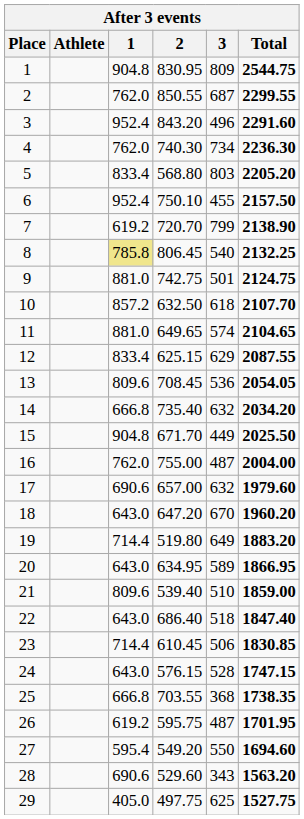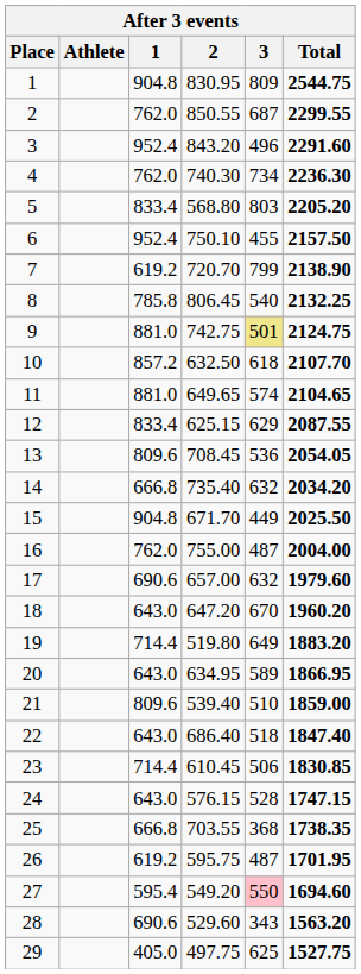 <table class=wikitable style="text-align:center">
 <tr>
 <th colspan=6><strong>After 3 events</strong></th>
 </tr>
 <tr>
 <th>Place</th>
 <th>Athlete</th>
 <th>1</th>
 <th>2</th>
 <th>3</th>
 <th>Total</th>
 </tr>
 <tr>
 <td>1</td>
 <td align=left></td>
 <td>904.8</td>
 <td>830.95</td>
 <td>809</td>
 <td><strong>2544.75</strong></td>
 </tr>
 <tr>
 <td>2</td>
 <td align=left></td>
 <td>762.0</td>
 <td>850.55</td>
 <td>687</td>
 <td><strong>2299.55</strong></td>
 </tr>
 <tr>
 <td>3</td>
 <td align=left></td>
 <td>952.4</td>
 <td>843.20</td>
 <td>496</td>
 <td><strong>2291.60</strong></td>
 </tr>
 <tr>
 <td>4</td>
 <td align=left></td>
 <td>762.0</td>
 <td>740.30</td>
 <td>734</td>
 <td><strong>2236.30</strong></td>
 </tr>
 <tr>
 <td>5</td>
 <td align=left></td>
 <td>833.4</td>
 <td>568.80</td>
 <td>803</td>
 <td><strong>2205.20</strong></td>
 </tr>
 <tr>
 <td>6</td>
 <td align=left></td>
 <td>952.4</td>
 <td>750.10</td>
 <td>455</td>
 <td><strong>2157.50</strong></td>
 </tr>
 <tr>
 <td>7</td>
 <td align=left></td>
 <td>619.2</td>
 <td>720.70</td>
 <td>799</td>
 <td><strong>2138.90</strong></td>
 </tr>
 <tr>
 <td>8</td>
 <td align=left></td>
-<td style="background: khaki;">785.8</td>
+<td>785.8</td>
 <td>806.45</td>
 <td>540</td>
 <td><strong>2132.25</strong></td>
 </tr>
 <tr>
 <td>9</td>
 <td align=left></td>
 <td>881.0</td>
 <td>742.75</td>
-<td>501</td>
+<td style="background: khaki;">501</td>
 <td><strong>2124.75</strong></td>
 </tr>
 <tr>
 <td>10</td>
 <td align=left></td>
 <td>857.2</td>
 <td>632.50</td>
 <td>618</td>
 <td><strong>2107.70</strong></td>
 </tr>
 <tr>
 <td>11</td>
 <td align=left></td>
 <td>881.0</td>
 <td>649.65</td>
 <td>574</td>
 <td><strong>2104.65</strong></td>
 </tr>
 <tr>
 <td>12</td>
 <td align=left></td>
 <td>833.4</td>
 <td>625.15</td>
 <td>629</td>
 <td><strong>2087.55</strong></td>
 </tr>
 <tr>
 <td>13</td>
 <td align=left></td>
 <td>809.6</td>
 <td>708.45</td>
 <td>536</td>
 <td><strong>2054.05</strong></td>
 </tr>
 <tr>
 <td>14</td>
 <td align=left></td>
 <td>666.8</td>
 <td>735.40</td>
 <td>632</td>
 <td><strong>2034.20</strong></td>
 </tr>
 <tr>
 <td>15</td>
 <td align=left></td>
 <td>904.8</td>
 <td>671.70</td>
 <td>449</td>
 <td><strong>2025.50</strong></td>
 </tr>
 <tr>
 <td>16</td>
 <td align=left></td>
 <td>762.0</td>
 <td>755.00</td>
 <td>487</td>
 <td><strong>2004.00</strong></td>
 </tr>
 <tr>
 <td>17</td>
 <td align=left></td>
 <td>690.6</td>
 <td>657.00</td>
 <td>632</td>
 <td><strong>1979.60</strong></td>
 </tr>
 <tr>
 <td>18</td>
 <td align=left></td>
 <td>643.0</td>
 <td>647.20</td>
 <td>670</td>
 <td><strong>1960.20</strong></td>
 </tr>
 <tr>
 <td>19</td>
 <td align=left></td>
 <td>714.4</td>
 <td>519.80</td>
 <td>649</td>
 <td><strong>1883.20</strong></td>
 </tr>
 <tr>
 <td>20</td>
 <td align=left></td>
 <td>643.0</td>
 <td>634.95</td>
 <td>589</td>
 <td><strong>1866.95</strong></td>
 </tr>
 <tr>
 <td>21</td>
 <td align=left></td>
 <td>809.6</td>
 <td>539.40</td>
 <td>510</td>
 <td><strong>1859.00</strong></td>
 </tr>
 <tr>
 <td>22</td>
 <td align=left></td>
 <td>643.0</td>
 <td>686.40</td>
 <td>518</td>
 <td><strong>1847.40</strong></td>
 </tr>
 <tr>
 <td>23</td>
 <td align=left></td>
 <td>714.4</td>
 <td>610.45</td>
 <td>506</td>
 <td><strong>1830.85</strong></td>
 </tr>
 <tr>
 <td>24</td>
 <td align=left></td>
 <td>643.0</td>
 <td>576.15</td>
 <td>528</td>
 <td><strong>1747.15</strong></td>
 </tr>
 <tr>
 <td>25</td>
 <td align=left></td>
 <td>666.8</td>
 <td>703.55</td>
 <td>368</td>
 <td><strong>1738.35</strong></td>
 </tr>
 <tr>
 <td>26</td>
 <td align=left></td>
 <td>619.2</td>
 <td>595.75</td>
 <td>487</td>
 <td><strong>1701.95</strong></td>
 </tr>
 <tr>
 <td>27</td>
 <td align=left></td>
 <td>595.4</td>
 <td>549.20</td>
-<td>550</td>
+<td style="background: pink;">550</td>
 <td><strong>1694.60</strong></td>
 </tr>
 <tr>
 <td>28</td>
 <td align=left></td>
 <td>690.6</td>
 <td>529.60</td>
 <td>343</td>
 <td><strong>1563.20</strong></td>
 </tr>
 <tr>
 <td>29</td>
 <td align=left></td>
 <td>405.0</td>
 <td>497.75</td>
 <td>625</td>
 <td><strong>1527.75</strong></td>
 </tr>
 </table>
